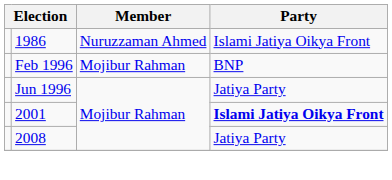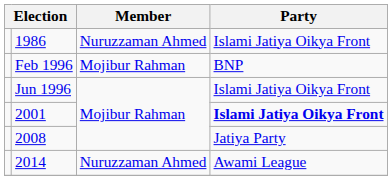 <table class="wikitable">
 <tr>
 <th colspan="2">Election</th>
 <th>Member</th>
 <th>Party</th>
 </tr>
 <tr>
 <td style="background-color:"></td>
 <td><a href='#'>1986</a></td>
 <td><a href='#'>Nuruzzaman Ahmed</a></td>
 <td><a href='#'>Islami Jatiya Oikya Front</a></td>
 </tr>
 <tr>
 <td style="background-color:"></td>
 <td><a href='#'>Feb 1996</a></td>
 <td><a href='#'>Mojibur Rahman</a></td>
 <td><a href='#'>BNP</a></td>
 </tr>
 <tr>
 <td style="background-color:"></td>
 <td><a href='#'>Jun 1996</a></td>
 <td rowspan="3"><a href='#'>Mojibur Rahman</a></td>
-<td><a href='#'>Jatiya Party</a></td>
+<td><a href='#'>Islami Jatiya Oikya Front</a></td>
 </tr>
 <tr>
 <td style="background-color:"></td>
 <td><a href='#'>2001</a></td>
 <td><strong><a href='#'>Islami Jatiya Oikya Front</a></strong></td>
 </tr>
 <tr>
 <td style="background-color:"></td>
 <td><a href='#'>2008</a></td>
 <td><a href='#'>Jatiya Party</a></td>
 </tr>
 <tr>
+<td style="background-color:"></td>
+<td><a href='#'>2014</a></td>
+<td><a href='#'>Nuruzzaman Ahmed</a></td>
+<td><a href='#'>Awami League</a></td>
+</tr>
+<tr>
 </tr>
 </table>
